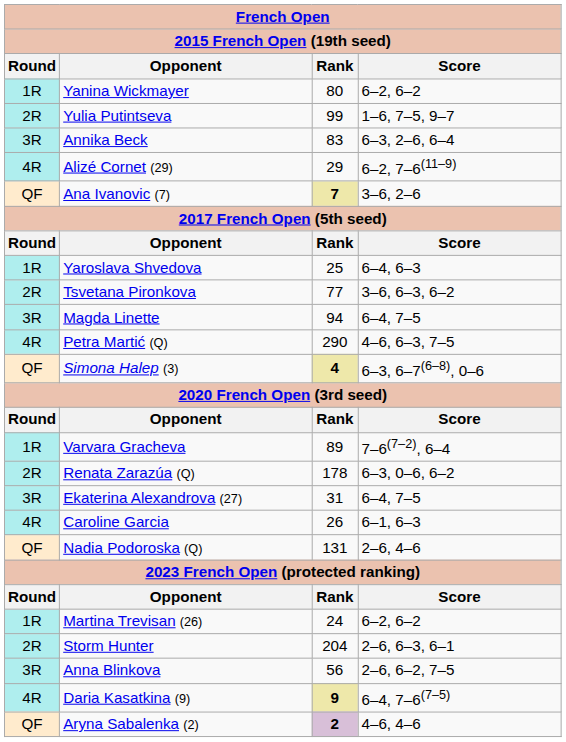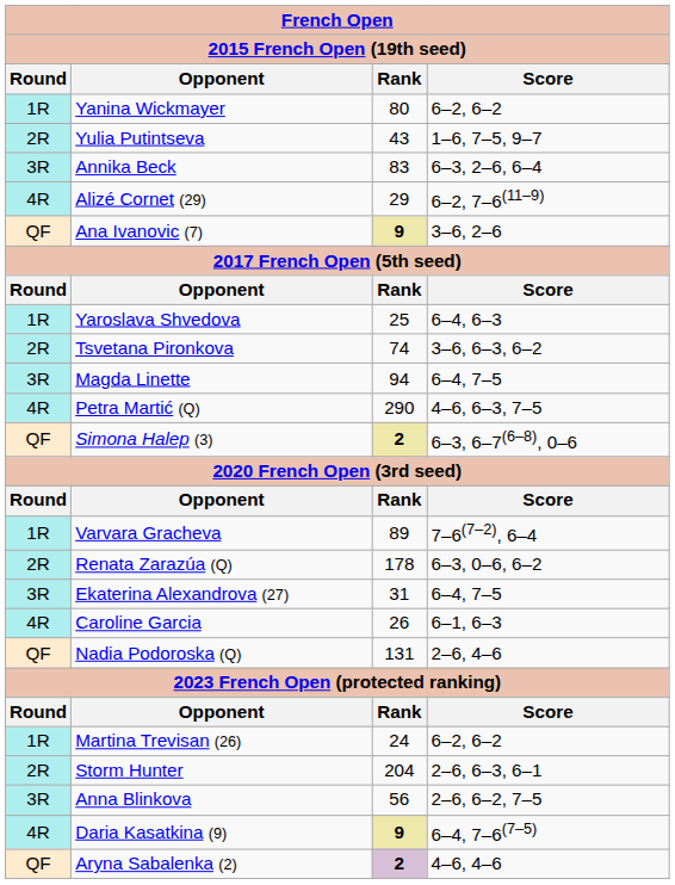 <table class=wikitable style=font-size:97%>
 <tr>
 <th colspan=4 style="background:#ebc2af;"><a href='#'>French Open</a></th>
 </tr>
 <tr>
 <th colspan=4 style="background:#ebc2af;"><a href='#'>2015 French Open</a> (19th seed)</th>
 </tr>
 <tr>
 <th width=40>Round</th>
 <th width=250>Opponent</th>
 <th width=40>Rank</th>
 <th width=200>Score</th>
 </tr>
 <tr>
 <td style="text-align:center; background:#afeeee;">1R</td>
 <td> <a href='#'>Yanina Wickmayer</a></td>
 <td style="text-align:center">80</td>
 <td>6–2, 6–2</td>
 </tr>
 <tr>
 <td style="text-align:center; background:#afeeee;">2R</td>
 <td> <a href='#'>Yulia Putintseva</a></td>
-<td style="text-align:center">99</td>
+<td style="text-align:center">43</td>
 <td>1–6, 7–5, 9–7</td>
 </tr>
 <tr>
 <td style="text-align:center; background:#afeeee;">3R</td>
 <td> <a href='#'>Annika Beck</a></td>
 <td style="text-align:center">83</td>
 <td>6–3, 2–6, 6–4</td>
 </tr>
 <tr>
 <td style="text-align:center; background:#afeeee;">4R</td>
 <td> <a href='#'>Alizé Cornet</a> <small>(29)</small></td>
 <td style="text-align:center">29</td>
 <td>6–2, 7–6<sup>(11–9)</sup></td>
 </tr>
 <tr>
 <td style="text-align:center; background:#ffebcd;">QF</td>
 <td> <a href='#'>Ana Ivanovic</a> <small>(7)</small></td>
-<td style="text-align:center; background:#eee8aa;"><strong>7</strong></td>
+<td style="text-align:center; background:#eee8aa;"><strong>9</strong></td>
 <td>3–6, 2–6</td>
 </tr>
 <tr>
 <th colspan=4 style="background:#ebc2af;"><a href='#'>2017 French Open</a> (5th seed)</th>
 </tr>
 <tr>
 <th width=40>Round</th>
 <th width=250>Opponent</th>
 <th width=40>Rank</th>
 <th width=200>Score</th>
 </tr>
 <tr>
 <td style="text-align:center; background:#afeeee;">1R</td>
 <td> <a href='#'>Yaroslava Shvedova</a></td>
 <td style="text-align:center">25</td>
 <td>6–4, 6–3</td>
 </tr>
 <tr>
 <td style="text-align:center; background:#afeeee;">2R</td>
 <td> <a href='#'>Tsvetana Pironkova</a></td>
-<td style="text-align:center">77</td>
+<td style="text-align:center">74</td>
 <td>3–6, 6–3, 6–2</td>
 </tr>
 <tr>
 <td style="text-align:center; background:#afeeee;">3R</td>
 <td> <a href='#'>Magda Linette</a></td>
 <td style="text-align:center">94</td>
 <td>6–4, 7–5</td>
 </tr>
 <tr>
 <td style="text-align:center; background:#afeeee;">4R</td>
 <td> <a href='#'>Petra Martić</a> <small>(Q)</small></td>
 <td style="text-align:center">290</td>
 <td>4–6, 6–3, 7–5</td>
 </tr>
 <tr>
 <td style="text-align:center; background:#ffebcd;">QF</td>
 <td> <em><a href='#'>Simona Halep</a></em> <small>(3)</small></td>
-<td style="text-align:center; background:#eee8aa;"><strong>4</strong></td>
+<td style="text-align:center; background:#eee8aa;"><strong>2</strong></td>
 <td>6–3, 6–7<sup>(6–8)</sup>, 0–6</td>
 </tr>
 <tr>
 <th colspan=4 style="background:#ebc2af;"><a href='#'>2020 French Open</a> (3rd seed)</th>
 </tr>
 <tr>
 <th width=40>Round</th>
 <th width=250>Opponent</th>
 <th width=40>Rank</th>
 <th width=200>Score</th>
 </tr>
 <tr>
 <td style="text-align:center; background:#afeeee;">1R</td>
 <td> <a href='#'>Varvara Gracheva</a></td>
 <td style="text-align:center">89</td>
 <td>7–6<sup>(7–2)</sup>, 6–4</td>
 </tr>
 <tr>
 <td style="text-align:center; background:#afeeee;">2R</td>
 <td> <a href='#'>Renata Zarazúa</a> <small>(Q)</small></td>
 <td style="text-align:center">178</td>
 <td>6–3, 0–6, 6–2</td>
 </tr>
 <tr>
 <td style="text-align:center; background:#afeeee;">3R</td>
 <td> <a href='#'>Ekaterina Alexandrova</a> <small>(27)</small></td>
 <td style="text-align:center">31</td>
 <td>6–4, 7–5</td>
 </tr>
 <tr>
 <td style="text-align:center; background:#afeeee;">4R</td>
 <td> <a href='#'>Caroline Garcia</a></td>
 <td style="text-align:center">26</td>
 <td>6–1, 6–3</td>
 </tr>
 <tr>
 <td style="text-align:center; background:#ffebcd;">QF</td>
 <td> <a href='#'>Nadia Podoroska</a> <small>(Q)</small></td>
 <td style="text-align:center;">131</td>
 <td>2–6, 4–6</td>
 </tr>
 <tr>
 <th colspan=4 style="background:#ebc2af;"><a href='#'>2023 French Open</a> (protected ranking)</th>
 </tr>
 <tr>
 <th width=40>Round</th>
 <th width=250>Opponent</th>
 <th width=40>Rank</th>
 <th width=200>Score</th>
 </tr>
 <tr>
 <td style="text-align:center; background:#afeeee;">1R</td>
 <td> <a href='#'>Martina Trevisan</a> <small>(26)</small></td>
 <td style="text-align:center">24</td>
 <td>6–2, 6–2</td>
 </tr>
 <tr>
 <td style="text-align:center; background:#afeeee;">2R</td>
 <td> <a href='#'>Storm Hunter</a></td>
 <td style="text-align:center">204</td>
 <td>2–6, 6–3, 6–1</td>
 </tr>
 <tr>
 <td style="text-align:center; background:#afeeee;">3R</td>
 <td> <a href='#'>Anna Blinkova</a></td>
 <td style="text-align:center">56</td>
 <td>2–6, 6–2, 7–5</td>
 </tr>
 <tr>
 <td style="text-align:center; background:#afeeee;">4R</td>
 <td> <a href='#'>Daria Kasatkina</a> <small>(9)</small></td>
 <td style="text-align:center; background:#eee8aa;"><strong>9</strong></td>
 <td>6–4, 7–6<sup>(7–5)</sup></td>
 </tr>
 <tr>
 <td style="text-align:center; background:#ffebcd;">QF</td>
 <td> <a href='#'>Aryna Sabalenka</a> <small>(2)</small></td>
 <td style="text-align:center; background:thistle;"><strong>2</strong></td>
 <td>4–6, 4–6</td>
 </tr>
 </table>
